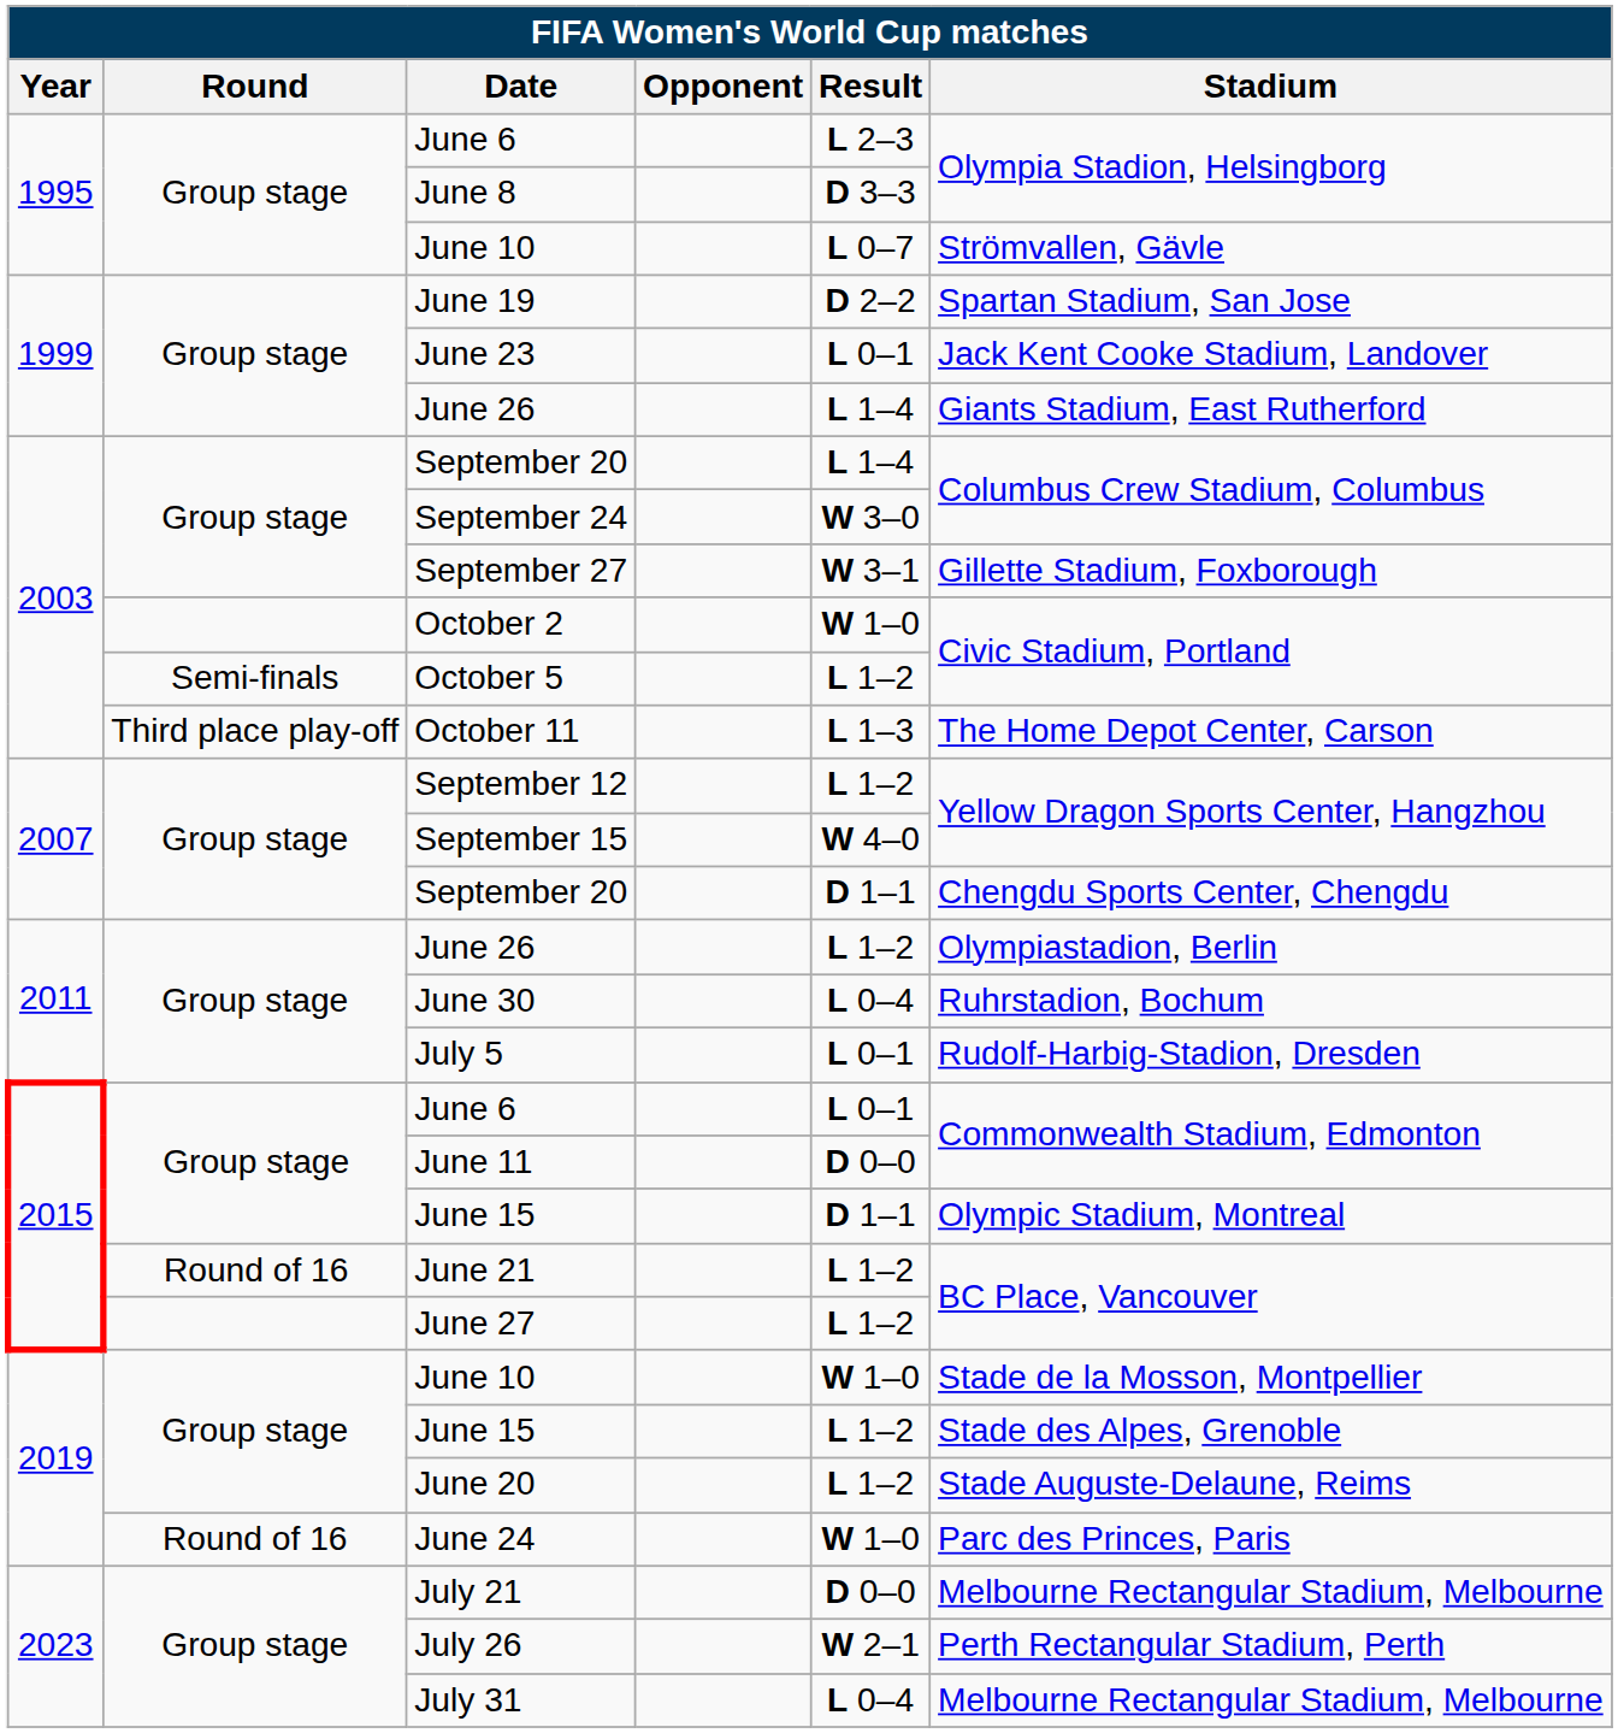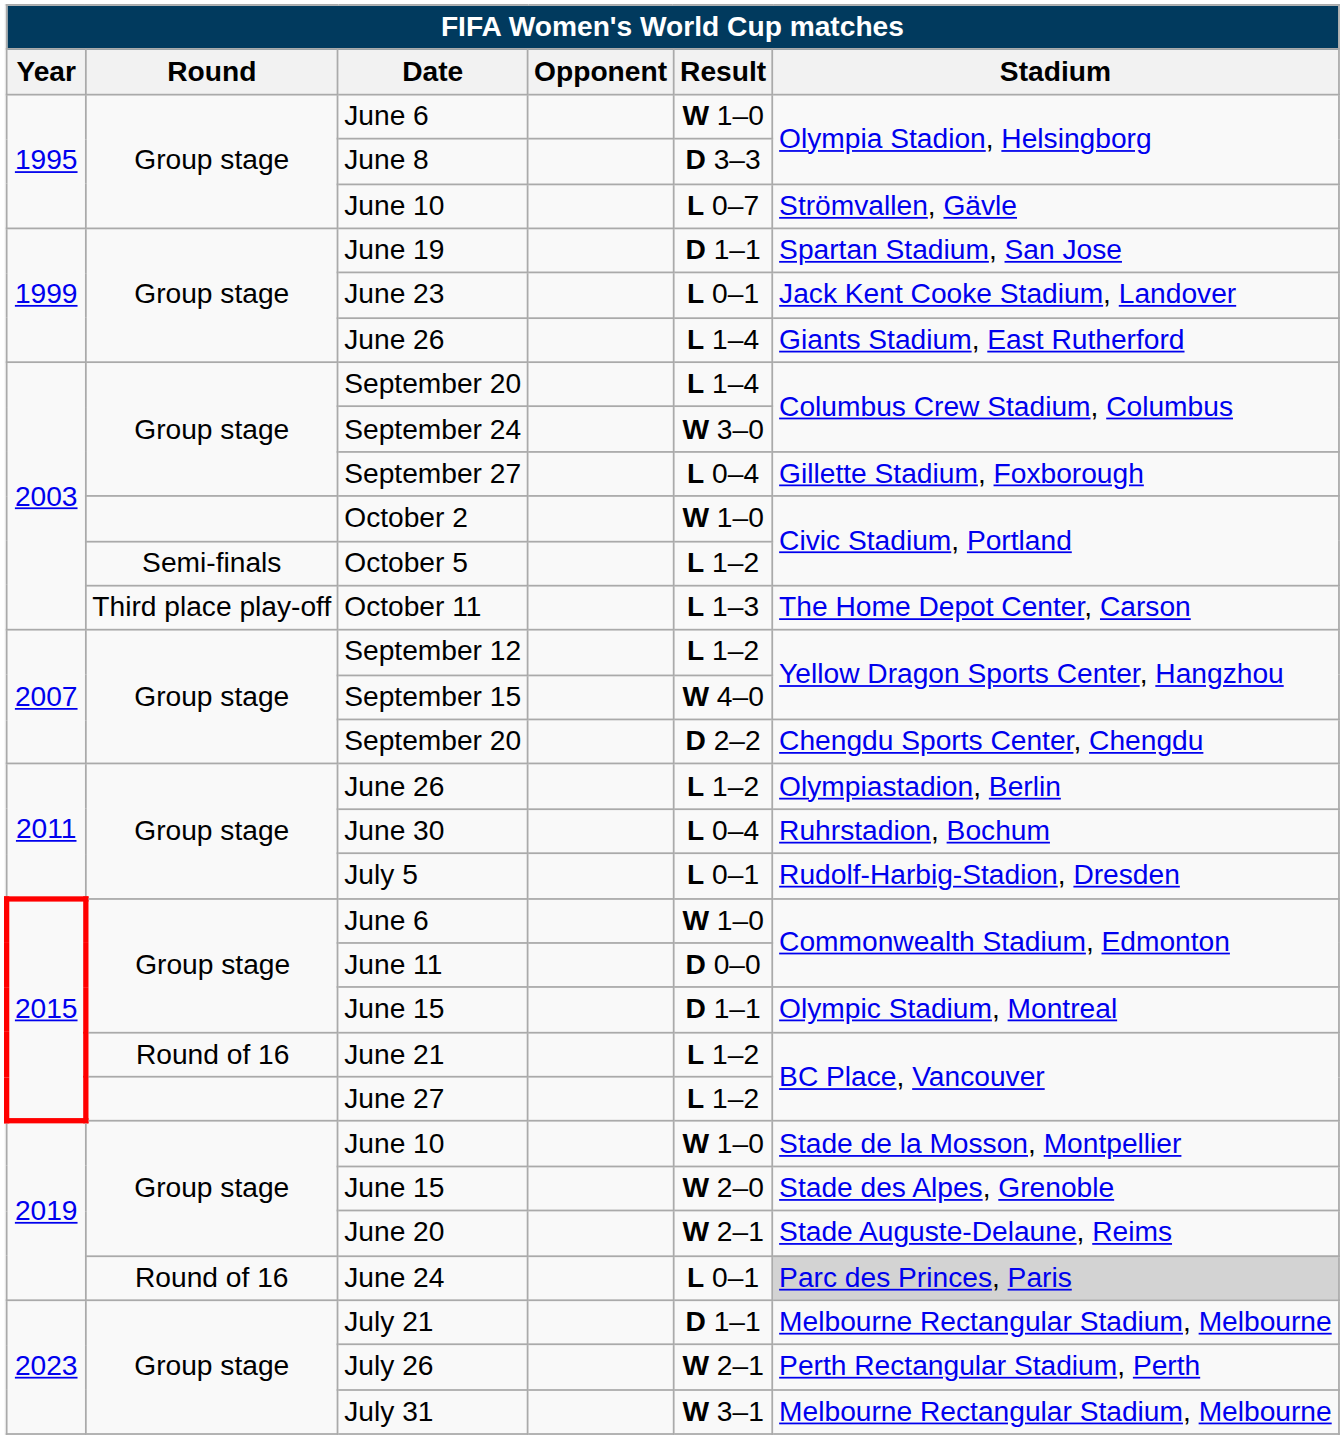 <table class="wikitable" style="text-align: center;font-size:100%;">
 <tr>
 <th colspan=6 style="background: #013A5E; color: #FFFFFF;">FIFA Women's World Cup matches</th>
 </tr>
 <tr>
 <th>Year</th>
 <th>Round</th>
 <th>Date</th>
 <th>Opponent</th>
 <th>Result</th>
 <th>Stadium</th>
 </tr>
 <tr>
 <td rowspan=3> <a href='#'>1995</a></td>
 <td rowspan=3>Group stage</td>
 <td align="left">June 6</td>
 <td align="left"></td>
-<td><strong>L</strong> 2–3</td>
+<td><strong>W</strong> 1–0</td>
 <td rowspan=2 align="left"><a href='#'>Olympia Stadion</a>, <a href='#'>Helsingborg</a></td>
 </tr>
 <tr>
 <td align="left">June 8</td>
 <td align="left"></td>
 <td><strong>D</strong> 3–3</td>
 </tr>
 <tr>
 <td align="left">June 10</td>
 <td align="left"></td>
 <td><strong>L</strong> 0–7</td>
 <td align="left"><a href='#'>Strömvallen</a>, <a href='#'>Gävle</a></td>
 </tr>
 <tr>
 <td rowspan=3> <a href='#'>1999</a></td>
 <td rowspan=3>Group stage</td>
 <td align="left">June 19</td>
 <td align="left"></td>
-<td><strong>D</strong> 2–2</td>
+<td><strong>D</strong> 1–1</td>
 <td align="left"><a href='#'>Spartan Stadium</a>, <a href='#'>San Jose</a></td>
 </tr>
 <tr>
 <td align="left">June 23</td>
 <td align="left"></td>
 <td><strong>L</strong> 0–1</td>
 <td align="left"><a href='#'>Jack Kent Cooke Stadium</a>, <a href='#'>Landover</a></td>
 </tr>
 <tr>
 <td align="left">June 26</td>
 <td align="left"></td>
 <td><strong>L</strong> 1–4</td>
 <td align="left"><a href='#'>Giants Stadium</a>, <a href='#'>East Rutherford</a></td>
 </tr>
 <tr>
 <td rowspan=6> <a href='#'>2003</a></td>
 <td rowspan=3>Group stage</td>
 <td align="left">September 20</td>
 <td align="left"></td>
 <td><strong>L</strong> 1–4</td>
 <td rowspan=2 align="left"><a href='#'>Columbus Crew Stadium</a>, <a href='#'>Columbus</a></td>
 </tr>
 <tr>
 <td align="left">September 24</td>
 <td align="left"></td>
 <td><strong>W</strong> 3–0</td>
 </tr>
 <tr>
 <td align="left">September 27</td>
 <td align="left"></td>
-<td><strong>W</strong> 3–1</td>
+<td><strong>L</strong> 0–4</td>
 <td align="left"><a href='#'>Gillette Stadium</a>, <a href='#'>Foxborough</a></td>
 </tr>
 <tr>
 <td></td>
 <td align="left">October 2</td>
 <td align="left"></td>
 <td><strong>W</strong> 1–0</td>
 <td rowspan=2 align="left"><a href='#'>Civic Stadium</a>, <a href='#'>Portland</a></td>
 </tr>
 <tr>
 <td>Semi-finals</td>
 <td align="left">October 5</td>
 <td align="left"></td>
 <td><strong>L</strong> 1–2</td>
 </tr>
 <tr>
 <td>Third place play-off</td>
 <td align="left">October 11</td>
 <td align="left"></td>
 <td><strong>L</strong> 1–3</td>
 <td align="left"><a href='#'>The Home Depot Center</a>, <a href='#'>Carson</a></td>
 </tr>
 <tr>
 <td rowspan=3> <a href='#'>2007</a></td>
 <td rowspan=3>Group stage</td>
 <td align="left">September 12</td>
 <td align="left"></td>
 <td><strong>L</strong> 1–2</td>
 <td rowspan=2 align="left"><a href='#'>Yellow Dragon Sports Center</a>, <a href='#'>Hangzhou</a></td>
 </tr>
 <tr>
 <td align="left">September 15</td>
 <td align="left"></td>
 <td><strong>W</strong> 4–0</td>
 </tr>
 <tr>
 <td align="left">September 20</td>
 <td align="left"></td>
-<td><strong>D</strong> 1–1</td>
+<td><strong>D</strong> 2–2</td>
 <td align="left"><a href='#'>Chengdu Sports Center</a>, <a href='#'>Chengdu</a></td>
 </tr>
 <tr>
 <td rowspan=3> <a href='#'>2011</a></td>
 <td rowspan=3>Group stage</td>
 <td align="left">June 26</td>
 <td align="left"></td>
 <td><strong>L</strong> 1–2</td>
 <td align="left"><a href='#'>Olympiastadion</a>, <a href='#'>Berlin</a></td>
 </tr>
 <tr>
 <td align="left">June 30</td>
 <td align="left"></td>
 <td><strong>L</strong> 0–4</td>
 <td align="left"><a href='#'>Ruhrstadion</a>, <a href='#'>Bochum</a></td>
 </tr>
 <tr>
 <td align="left">July 5</td>
 <td align="left"></td>
 <td><strong>L</strong> 0–1</td>
 <td align="left"><a href='#'>Rudolf-Harbig-Stadion</a>, <a href='#'>Dresden</a></td>
 </tr>
 <tr>
 <td style="border: 3px solid red" rowspan=5> <a href='#'>2015</a></td>
 <td rowspan=3>Group stage</td>
 <td align="left">June 6</td>
 <td align="left"></td>
-<td><strong>L</strong> 0–1</td>
+<td><strong>W</strong> 1–0</td>
 <td rowspan=2 align="left"><a href='#'>Commonwealth Stadium</a>, <a href='#'>Edmonton</a></td>
 </tr>
 <tr>
 <td align="left">June 11</td>
 <td align="left"></td>
 <td><strong>D</strong> 0–0</td>
 </tr>
 <tr>
 <td align="left">June 15</td>
 <td align="left"></td>
 <td><strong>D</strong> 1–1</td>
 <td align="left"><a href='#'>Olympic Stadium</a>, <a href='#'>Montreal</a></td>
 </tr>
 <tr>
 <td>Round of 16</td>
 <td align="left">June 21</td>
 <td align="left"></td>
 <td><strong>L</strong> 1–2</td>
 <td rowspan=2 align="left"><a href='#'>BC Place</a>, <a href='#'>Vancouver</a></td>
 </tr>
 <tr>
 <td></td>
 <td align="left">June 27</td>
 <td align="left"></td>
 <td><strong>L</strong> 1–2</td>
 </tr>
 <tr>
 <td rowspan=4> <a href='#'>2019</a></td>
 <td rowspan=3>Group stage</td>
 <td align="left">June 10</td>
 <td align="left"></td>
 <td><strong>W</strong> 1–0</td>
 <td align="left"><a href='#'>Stade de la Mosson</a>, <a href='#'>Montpellier</a></td>
 </tr>
 <tr>
 <td align="left">June 15</td>
 <td align="left"></td>
-<td><strong>L</strong> 1–2</td>
+<td><strong>W</strong> 2–0</td>
 <td align="left"><a href='#'>Stade des Alpes</a>, <a href='#'>Grenoble</a></td>
 </tr>
 <tr>
 <td align="left">June 20</td>
 <td align="left"></td>
-<td><strong>L</strong> 1–2</td>
+<td><strong>W</strong> 2–1</td>
 <td align="left"><a href='#'>Stade Auguste-Delaune</a>, <a href='#'>Reims</a></td>
 </tr>
 <tr>
 <td>Round of 16</td>
 <td align="left">June 24</td>
 <td align="left"></td>
-<td><strong>W</strong> 1–0</td>
-<td align="left"><a href='#'>Parc des Princes</a>, <a href='#'>Paris</a></td>
+<td><strong>L</strong> 0–1</td>
+<td align="left" style="background: lightgrey;"><a href='#'>Parc des Princes</a>, <a href='#'>Paris</a></td>
 </tr>
 <tr>
 <td rowspan=3> <a href='#'>2023</a></td>
 <td rowspan=3>Group stage</td>
 <td align="left">July 21</td>
 <td align="left"></td>
-<td><strong>D</strong> 0–0</td>
+<td><strong>D</strong> 1–1</td>
 <td align="left"><a href='#'>Melbourne Rectangular Stadium</a>, <a href='#'>Melbourne</a></td>
 </tr>
 <tr>
 <td align="left">July 26</td>
 <td align="left"></td>
 <td><strong>W</strong> 2–1</td>
 <td align="left"><a href='#'>Perth Rectangular Stadium</a>, <a href='#'>Perth</a></td>
 </tr>
 <tr>
 <td align="left">July 31</td>
 <td align="left"></td>
-<td><strong>L</strong> 0–4</td>
+<td><strong>W</strong> 3–1</td>
 <td align="left"><a href='#'>Melbourne Rectangular Stadium</a>, <a href='#'>Melbourne</a></td>
 </tr>
 </table>
